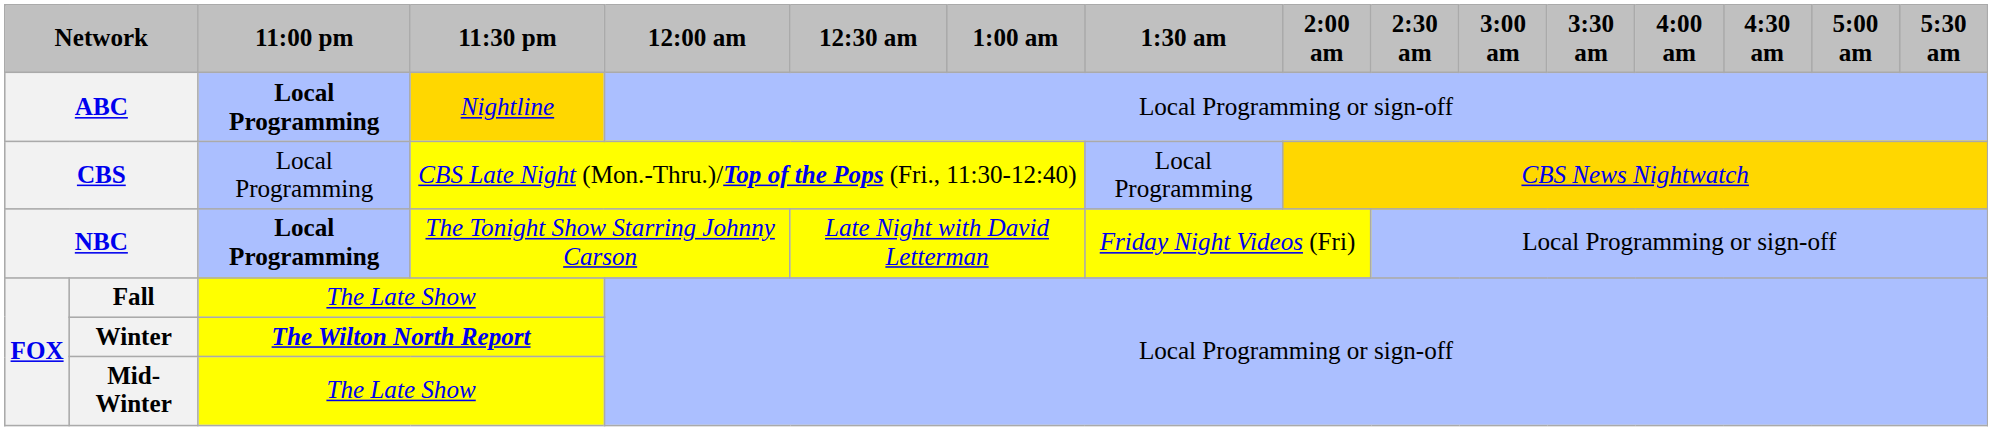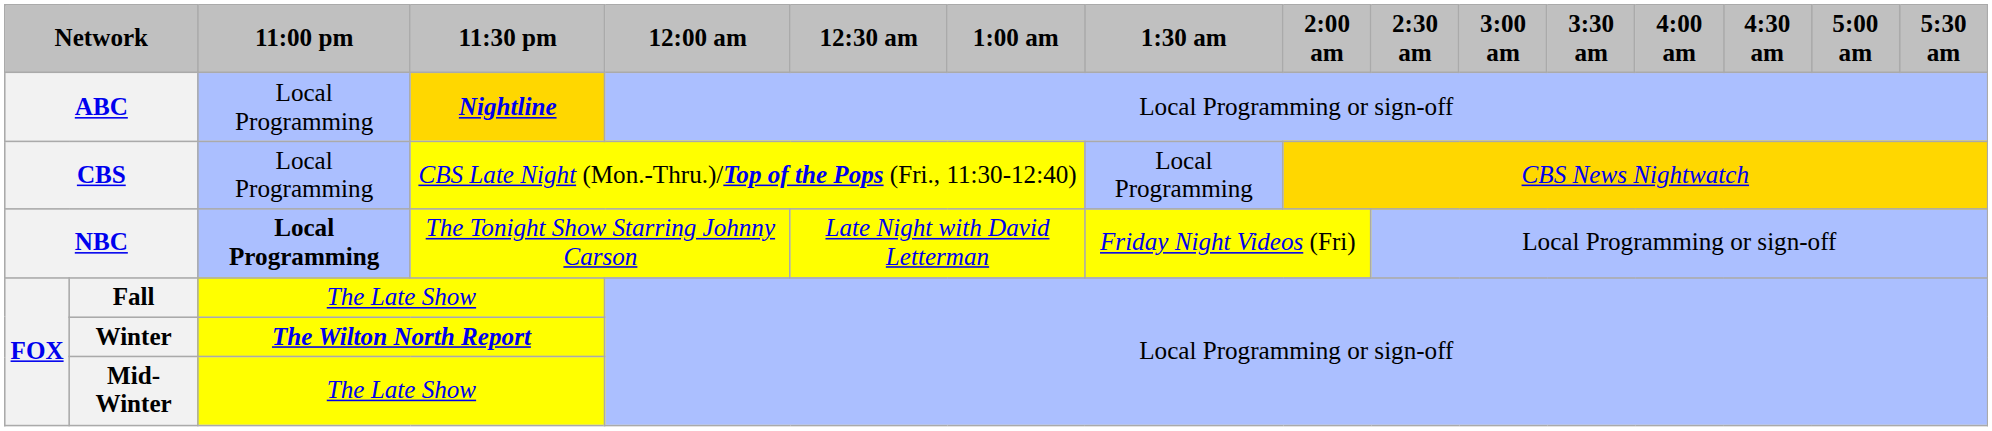 <table class="wikitable" style="width:100%;margin-right:0;text-align:center">
 <tr>
 <th colspan="2" style="background-color:#C0C0C0;text-align:center">Network</th>
 <th style="background-color:#C0C0C0;text-align:center">11:00 pm</th>
 <th style="background-color:#C0C0C0;text-align:center">11:30 pm</th>
 <th style="background-color:#C0C0C0;text-align:center">12:00 am</th>
 <th style="background-color:#C0C0C0;text-align:center">12:30 am</th>
 <th style="background-color:#C0C0C0;text-align:center">1:00 am</th>
 <th style="background-color:#C0C0C0;text-align:center">1:30 am</th>
 <th style="background-color:#C0C0C0;text-align:center">2:00 am</th>
 <th style="background-color:#C0C0C0;text-align:center">2:30 am</th>
 <th style="background-color:#C0C0C0;text-align:center">3:00 am</th>
 <th style="background-color:#C0C0C0;text-align:center">3:30 am</th>
 <th style="background-color:#C0C0C0;text-align:center">4:00 am</th>
 <th style="background-color:#C0C0C0;text-align:center">4:30 am</th>
 <th style="background-color:#C0C0C0;text-align:center">5:00 am</th>
 <th style="background-color:#C0C0C0;text-align:center">5:30 am</th>
 </tr>
 <tr>
 <th colspan="2"><a href='#'>ABC</a></th>
-<td colspan="1"  style="background:#abbfff"><strong>Local Programming</strong></td>
-<td colspan="1"  style="background:gold"><em><a href='#'>Nightline</a></em></td>
+<td colspan="1"  style="background:#abbfff">Local Programming</td>
+<td colspan="1"  style="background:gold"><strong><em><a href='#'>Nightline</a></em></strong></td>
 <td colspan="12"  style="background:#abbfff">Local Programming or sign-off</td>
 </tr>
 <tr>
 <th colspan="2"><a href='#'>CBS</a></th>
 <td colspan="1" style="background:#abbfff">Local Programming</td>
 <td colspan="4" style="background:yellow"><em><a href='#'>CBS Late Night</a></em> (Mon.-Thru.)/<strong><em><a href='#'>Top of the Pops</a></em></strong> (Fri., 11:30-12:40)</td>
 <td colspan="1" style="background:#abbfff">Local Programming</td>
 <td colspan="8" style="background:gold"><em><a href='#'>CBS News Nightwatch</a></em></td>
 </tr>
 <tr>
 <th colspan="2"><a href='#'>NBC</a></th>
 <td colspan="1" style="background:#abbfff"><strong>Local Programming</strong></td>
 <td colspan="2" style="background:yellow"><em><a href='#'>The Tonight Show Starring Johnny Carson</a></em></td>
 <td colspan="2" style="background:yellow"><em><a href='#'>Late Night with David Letterman</a></em></td>
 <td colspan="2" style="background:yellow"><em><a href='#'>Friday Night Videos</a></em> (Fri)</td>
 <td colspan="8" style="background:#abbfff">Local Programming or sign-off</td>
 </tr>
 <tr>
 <th colspan="1" rowspan="3"><a href='#'>FOX</a></th>
 <th>Fall</th>
 <td colspan="2" style="background:yellow"><em><a href='#'>The Late Show</a></em></td>
 <td colspan="12" rowspan="3" style="background:#abbfff">Local Programming or sign-off</td>
 </tr>
 <tr>
 <th>Winter</th>
 <td colspan="2" style="background:yellow"><strong><em><a href='#'>The Wilton North Report</a></em></strong></td>
 </tr>
 <tr>
 <th>Mid-Winter</th>
 <td colspan="2" style="background:yellow"><em><a href='#'>The Late Show</a></em></td>
 </tr>
 </table>
